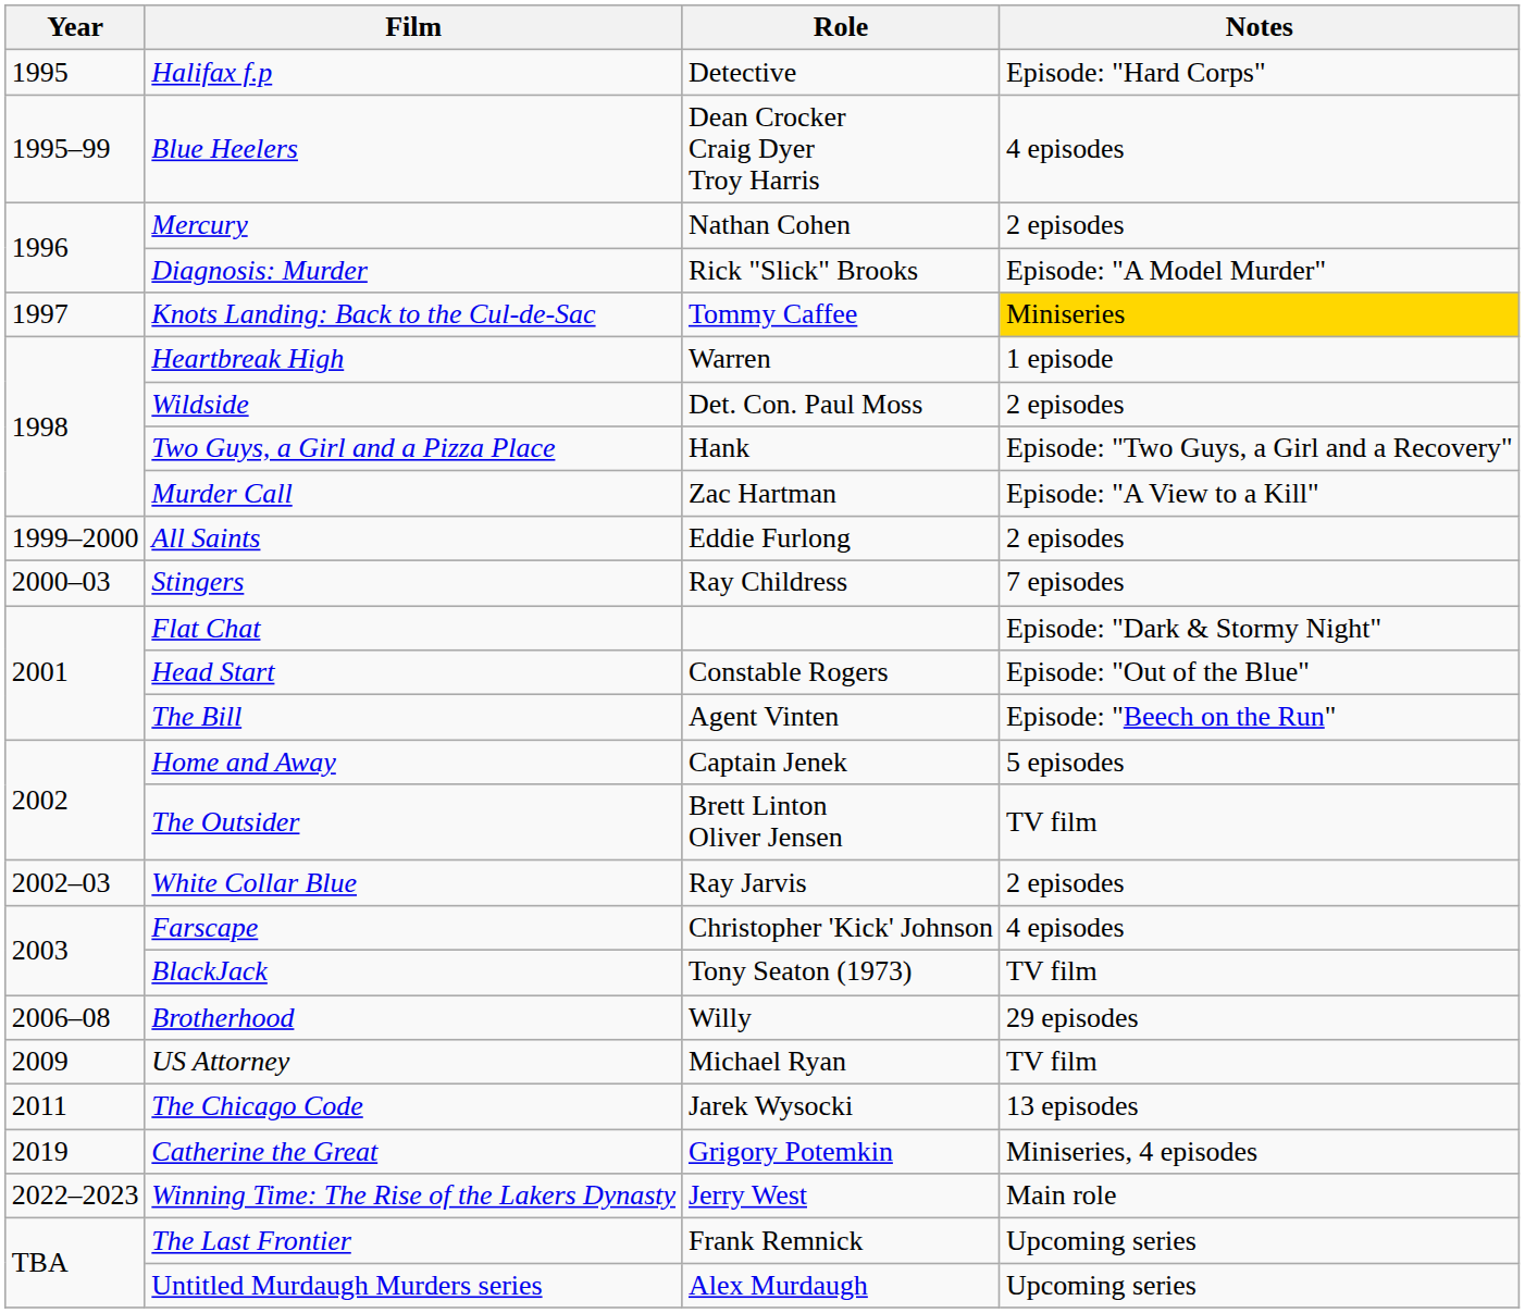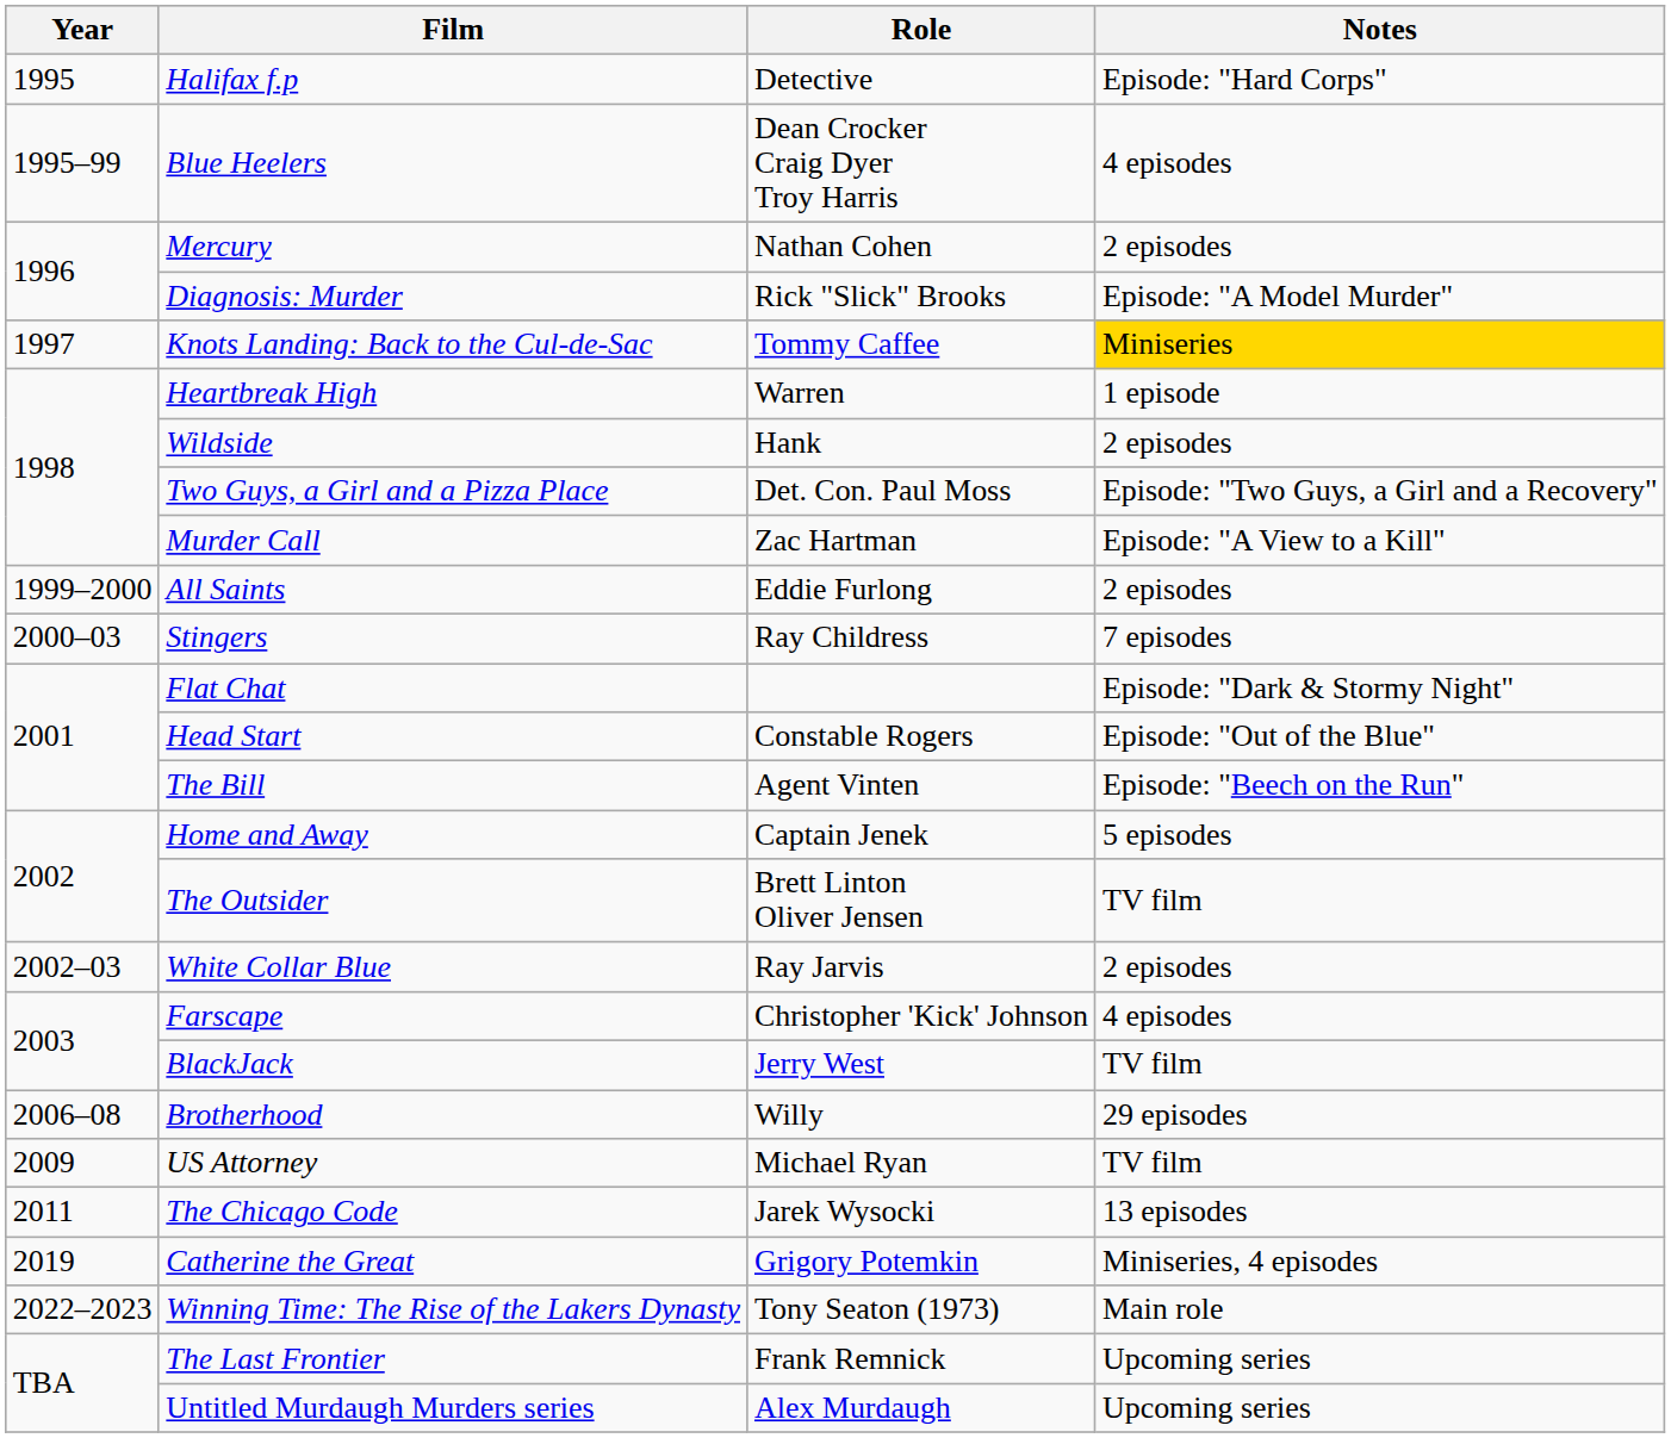 <table class="wikitable sortable">
 <tr>
 <th>Year</th>
 <th>Film</th>
 <th>Role</th>
 <th>Notes</th>
 </tr>
 <tr>
 <td>1995</td>
 <td><em><a href='#'>Halifax f.p</a></em></td>
 <td>Detective</td>
 <td>Episode: "Hard Corps"</td>
 </tr>
 <tr>
 <td>1995–99</td>
 <td><em><a href='#'>Blue Heelers</a></em></td>
 <td>Dean Crocker<br>Craig Dyer<br>Troy Harris</td>
 <td>4 episodes</td>
 </tr>
 <tr>
 <td rowspan="2">1996</td>
 <td><em><a href='#'>Mercury</a></em></td>
 <td>Nathan Cohen</td>
 <td>2 episodes</td>
 </tr>
 <tr>
 <td><em><a href='#'>Diagnosis: Murder</a></em></td>
 <td>Rick "Slick" Brooks</td>
 <td>Episode: "A Model Murder"</td>
 </tr>
 <tr>
 <td>1997</td>
 <td><em><a href='#'>Knots Landing: Back to the Cul-de-Sac</a></em></td>
 <td><a href='#'>Tommy Caffee</a></td>
 <td style="background: gold;">Miniseries</td>
 </tr>
 <tr>
 <td rowspan="4">1998</td>
 <td><em><a href='#'>Heartbreak High</a></em></td>
 <td>Warren</td>
 <td>1 episode</td>
 </tr>
 <tr>
 <td><em><a href='#'>Wildside</a></em></td>
-<td>Det. Con. Paul Moss</td>
+<td>Hank</td>
 <td>2 episodes</td>
 </tr>
 <tr>
 <td><em><a href='#'>Two Guys, a Girl and a Pizza Place</a></em></td>
-<td>Hank</td>
+<td>Det. Con. Paul Moss</td>
 <td>Episode: "Two Guys, a Girl and a Recovery"</td>
 </tr>
 <tr>
 <td><em><a href='#'>Murder Call</a></em></td>
 <td>Zac Hartman</td>
 <td>Episode: "A View to a Kill"</td>
 </tr>
 <tr>
 <td>1999–2000</td>
 <td><em><a href='#'>All Saints</a></em></td>
 <td>Eddie Furlong</td>
 <td>2 episodes</td>
 </tr>
 <tr>
 <td>2000–03</td>
 <td><em><a href='#'>Stingers</a></em></td>
 <td>Ray Childress</td>
 <td>7 episodes</td>
 </tr>
 <tr>
 <td rowspan="3">2001</td>
 <td><em><a href='#'>Flat Chat</a></em></td>
 <td></td>
 <td>Episode: "Dark & Stormy Night"</td>
 </tr>
 <tr>
 <td><em><a href='#'>Head Start</a></em></td>
 <td>Constable Rogers</td>
 <td>Episode: "Out of the Blue"</td>
 </tr>
 <tr>
 <td><em><a href='#'>The Bill</a></em></td>
 <td>Agent Vinten</td>
 <td>Episode: "<a href='#'>Beech on the Run</a>"</td>
 </tr>
 <tr>
 <td rowspan="2">2002</td>
 <td><em><a href='#'>Home and Away</a></em></td>
 <td>Captain Jenek</td>
 <td>5 episodes</td>
 </tr>
 <tr>
 <td><em><a href='#'>The Outsider</a></em></td>
 <td>Brett Linton<br>Oliver Jensen</td>
 <td>TV film</td>
 </tr>
 <tr>
 <td>2002–03</td>
 <td><em><a href='#'>White Collar Blue</a></em></td>
 <td>Ray Jarvis</td>
 <td>2 episodes</td>
 </tr>
 <tr>
 <td rowspan="2">2003</td>
 <td><em><a href='#'>Farscape</a></em></td>
 <td>Christopher 'Kick' Johnson</td>
 <td>4 episodes</td>
 </tr>
 <tr>
 <td><em><a href='#'>BlackJack</a></em></td>
-<td>Tony Seaton (1973)</td>
+<td><a href='#'>Jerry West</a></td>
 <td>TV film</td>
 </tr>
 <tr>
 <td>2006–08</td>
 <td><em><a href='#'>Brotherhood</a></em></td>
 <td>Willy</td>
 <td>29 episodes</td>
 </tr>
 <tr>
 <td>2009</td>
 <td><em>US Attorney</em></td>
 <td>Michael Ryan</td>
 <td>TV film</td>
 </tr>
 <tr>
 <td>2011</td>
 <td><em><a href='#'>The Chicago Code</a></em></td>
 <td>Jarek Wysocki</td>
 <td>13 episodes</td>
 </tr>
 <tr>
 <td>2019</td>
 <td><em><a href='#'>Catherine the Great</a></em></td>
 <td><a href='#'>Grigory Potemkin</a></td>
 <td>Miniseries, 4 episodes</td>
 </tr>
 <tr>
 <td>2022–2023</td>
 <td><em><a href='#'>Winning Time: The Rise of the Lakers Dynasty</a></em></td>
-<td><a href='#'>Jerry West</a></td>
+<td>Tony Seaton (1973)</td>
 <td>Main role</td>
 </tr>
 <tr>
 <td rowspan=2>TBA</td>
 <td><em><a href='#'>The Last Frontier</a></em></td>
 <td>Frank Remnick</td>
 <td>Upcoming series</td>
 </tr>
 <tr>
 <td><a href='#'>Untitled Murdaugh Murders series</a></td>
 <td><a href='#'>Alex Murdaugh</a></td>
 <td>Upcoming series</td>
 </tr>
 </table>
